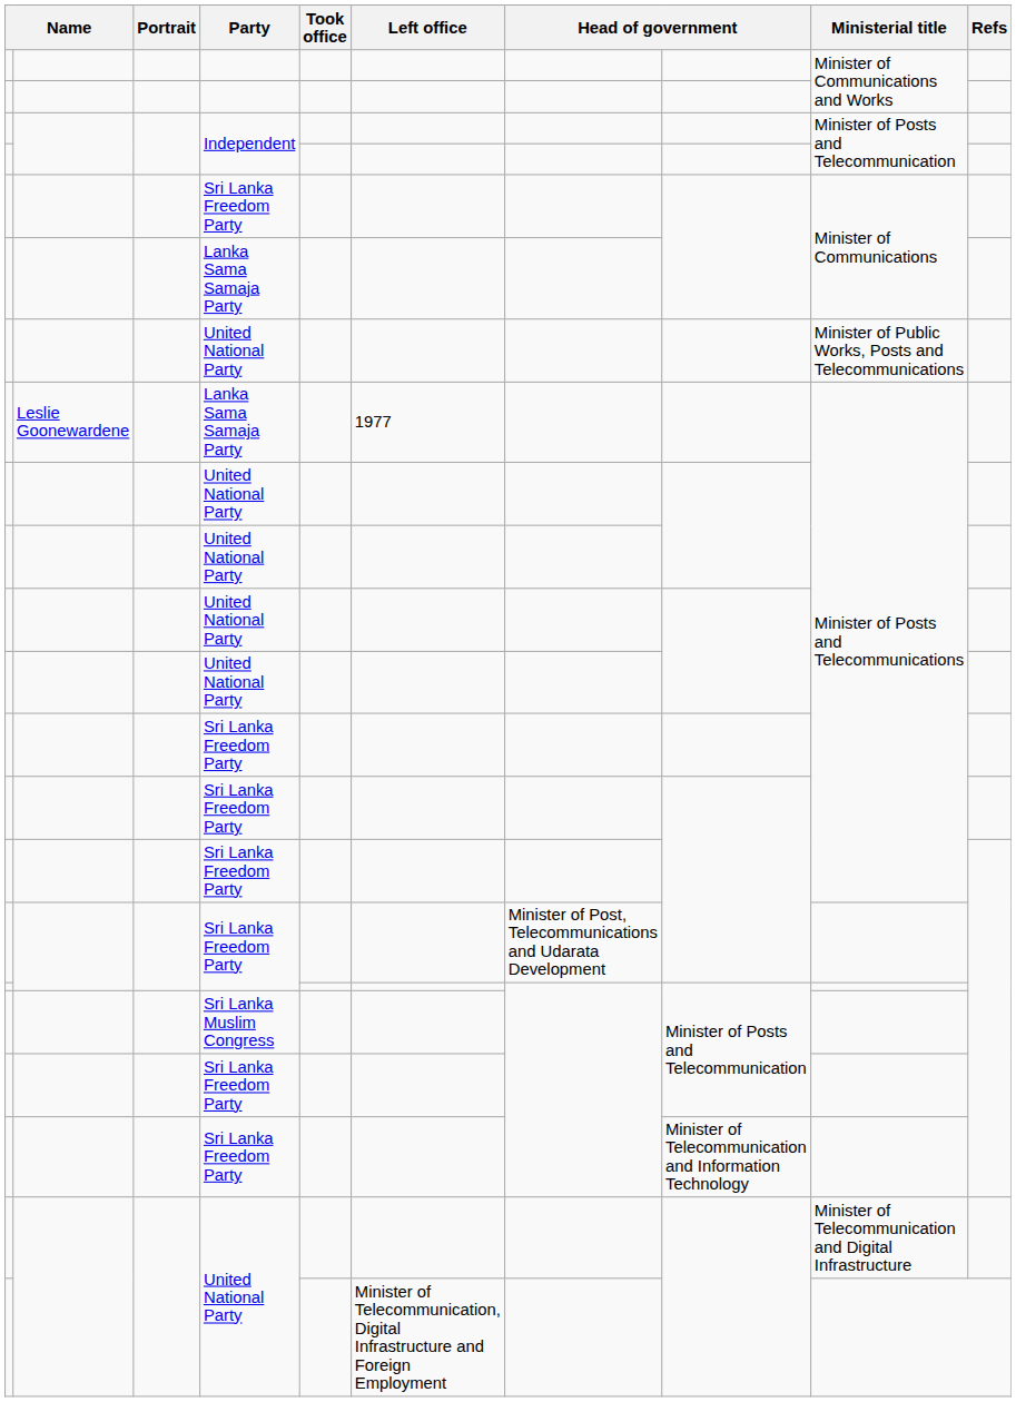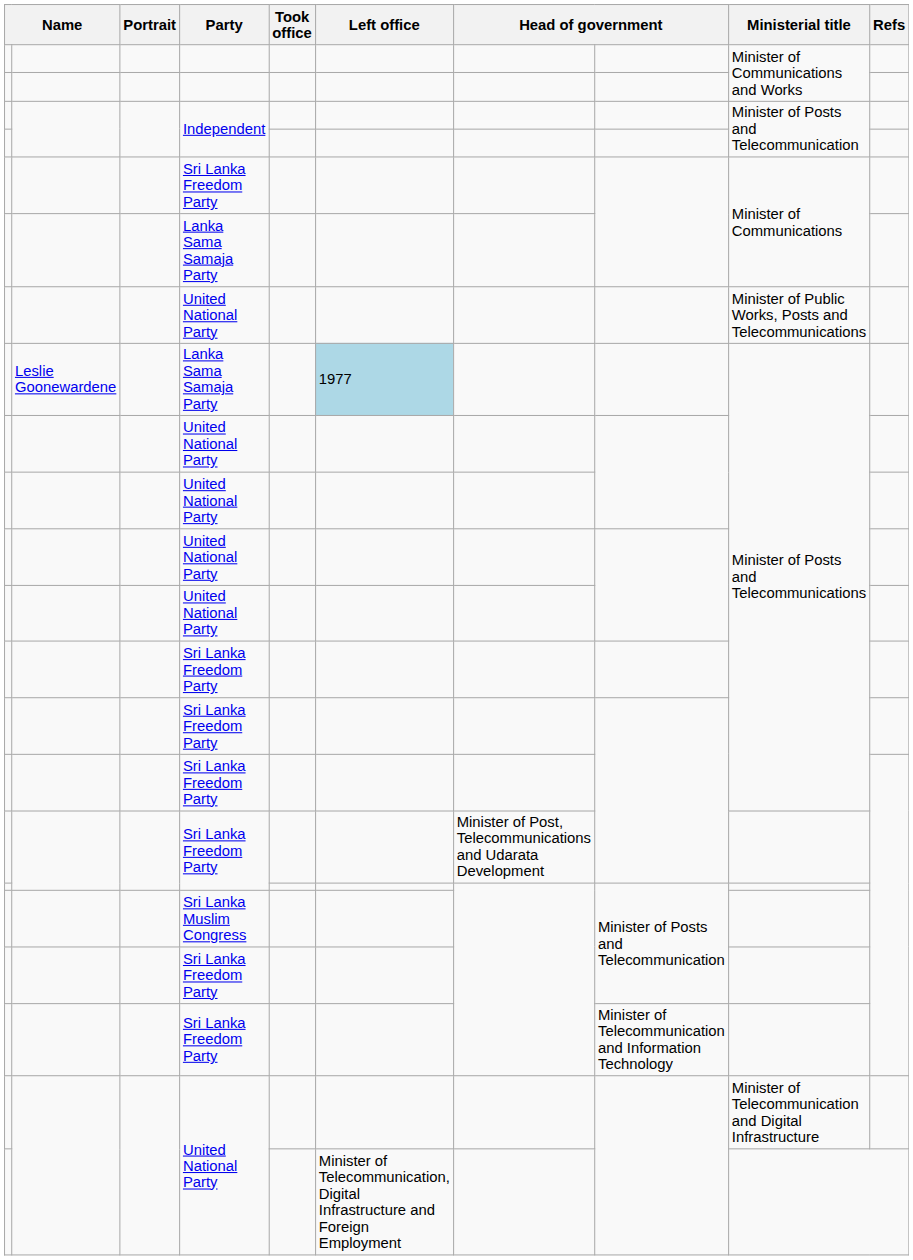 <table class="wikitable plainrowheaders sortable" style="font-size:90%; text-align:left;">
 <tr>
 <th scope=col colspan="2">Name</th>
 <th scope=col class=unsortable>Portrait</th>
 <th scope=col>Party</th>
 <th scope=col>Took office</th>
 <th scope=col>Left office</th>
 <th scope=col colspan="2">Head of government</th>
 <th scope=col width=300px>Ministerial title</th>
 <th scope=col width=50px class=unsortable>Refs</th>
 </tr>
 <tr>
 <td></td>
 <td></td>
 <td></td>
 <td></td>
 <td align=center></td>
 <td align=center></td>
 <td></td>
 <td></td>
 <td rowspan=2>Minister of Communications and Works</td>
 <td align=center></td>
 </tr>
 <tr>
 <td></td>
 <td></td>
 <td></td>
 <td></td>
 <td align=center></td>
 <td align=center></td>
 <td></td>
 <td></td>
 <td align=center></td>
 </tr>
 <tr>
 <td !align="center" style="background:"></td>
 <td rowspan=2></td>
 <td rowspan=2></td>
 <td rowspan=2><a href='#'>Independent</a></td>
 <td align=center></td>
 <td align=center></td>
 <td !align="center" style="background:"></td>
 <td></td>
 <td rowspan=2>Minister of Posts and Telecommunication</td>
 <td align=center></td>
 </tr>
 <tr>
 <td></td>
 <td align=center></td>
 <td !align="center" style="background:"></td>
 <td></td>
 <td align=center></td>
 </tr>
 <tr>
 <td !align="center" style="background:"></td>
 <td></td>
 <td></td>
 <td><a href='#'>Sri Lanka Freedom Party</a></td>
 <td align=center></td>
 <td align=center></td>
 <td !align="center" style="background:"></td>
 <td rowspan=2></td>
 <td rowspan=2>Minister of Communications</td>
 <td align=center></td>
 </tr>
 <tr>
 <td !align="center" style="background:"></td>
 <td></td>
 <td></td>
 <td><a href='#'>Lanka Sama Samaja Party</a></td>
 <td align=center></td>
 <td align=center></td>
 <td align=center></td>
 </tr>
 <tr>
 <td !align="center" style="background:"></td>
 <td></td>
 <td></td>
 <td><a href='#'>United National Party</a></td>
 <td></td>
 <td></td>
 <td !align="center" style="background:"></td>
 <td></td>
 <td>Minister of Public Works, Posts and Telecommunications</td>
 <td align=center></td>
 </tr>
 <tr>
 <td !align="center" style="background:"></td>
 <td><a href='#'>Leslie Goonewardene</a></td>
 <td></td>
 <td><a href='#'>Lanka Sama Samaja Party</a></td>
 <td align="center"></td>
-<td>1977</td>
+<td style="background: lightblue;">1977</td>
 <td style="background:"></td>
 <td></td>
 <td rowspan=8>Minister of Posts and Telecommunications</td>
 <td align=center></td>
 </tr>
 <tr>
 <td !align="center" style="background:"></td>
 <td></td>
 <td></td>
 <td><a href='#'>United National Party</a></td>
 <td align=center></td>
 <td align=center></td>
 <td !align="center" style="background:"></td>
 <td rowspan=2></td>
 <td align=center></td>
 </tr>
 <tr>
 <td !align="center" style="background:"></td>
 <td></td>
 <td></td>
 <td><a href='#'>United National Party</a></td>
 <td></td>
 <td align=center></td>
 <td align=center></td>
 </tr>
 <tr>
 <td !align="center" style="background:"></td>
 <td></td>
 <td></td>
 <td><a href='#'>United National Party</a></td>
 <td align=center></td>
 <td align=center></td>
 <td !align="center" style="background:"></td>
 <td rowspan=2></td>
 <td align=center></td>
 </tr>
 <tr>
 <td !align="center" style="background:"></td>
 <td></td>
 <td></td>
 <td><a href='#'>United National Party</a></td>
 <td align=center></td>
 <td></td>
 <td align=center></td>
 </tr>
 <tr>
 <td !align="center" style="background:"></td>
 <td></td>
 <td align=center></td>
 <td><a href='#'>Sri Lanka Freedom Party</a></td>
 <td align=center></td>
 <td></td>
 <td !align="center" style="background:"></td>
 <td></td>
 <td align=center></td>
 </tr>
 <tr>
 <td !align="center" style="background:"></td>
 <td></td>
 <td></td>
 <td><a href='#'>Sri Lanka Freedom Party</a></td>
 <td align=center></td>
 <td></td>
 <td !align="center" style="background:"></td>
 <td rowspan=3></td>
 <td align=center></td>
 </tr>
 <tr>
 <td !align="center" style="background:"></td>
 <td></td>
 <td></td>
 <td><a href='#'>Sri Lanka Freedom Party</a></td>
 <td align=center></td>
 <td></td>
 <td align=center></td>
 </tr>
 <tr>
 <td !align="center" style="background:"></td>
 <td rowspan=2></td>
 <td rowspan=2></td>
 <td rowspan=2><a href='#'>Sri Lanka Freedom Party</a></td>
 <td align=center></td>
 <td align=center></td>
 <td>Minister of Post, Telecommunications and Udarata Development</td>
 <td align=center></td>
 </tr>
 <tr>
 <td align=center></td>
 <td align=center></td>
 <td !align="center" style="background:"></td>
 <td rowspan=4></td>
 <td rowspan=3>Minister of Posts and Telecommunication</td>
 <td align=center></td>
 </tr>
 <tr>
 <td !align="center" style="background:"></td>
 <td></td>
 <td align=center></td>
 <td><a href='#'>Sri Lanka Muslim Congress</a></td>
 <td align=center></td>
 <td align=center></td>
 <td align=center></td>
 </tr>
 <tr>
 <td !align="center" style="background:"></td>
 <td></td>
 <td></td>
 <td><a href='#'>Sri Lanka Freedom Party</a></td>
 <td align=center></td>
 <td align=center></td>
 <td align=center></td>
 </tr>
 <tr>
 <td !align="center" style="background:"></td>
 <td></td>
 <td align=center></td>
 <td><a href='#'>Sri Lanka Freedom Party</a></td>
 <td align=center></td>
 <td align=center></td>
 <td>Minister of Telecommunication and Information Technology</td>
 <td align=center></td>
 </tr>
 <tr>
 <td !align="center" style="background:"></td>
 <td rowspan=2></td>
 <td rowspan=2></td>
 <td rowspan=2><a href='#'>United National Party</a></td>
 <td align=center></td>
 <td align=center></td>
 <td !align="center" style="background:"></td>
 <td rowspan=2></td>
 <td>Minister of Telecommunication and Digital Infrastructure</td>
 <td align=center></td>
 </tr>
 <tr>
 <td align=center></td>
 <td align=center></td>
 <td>Minister of Telecommunication, Digital Infrastructure and Foreign Employment</td>
 <td align=center></td>
 </tr>
 </table>
